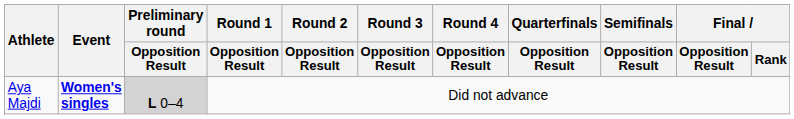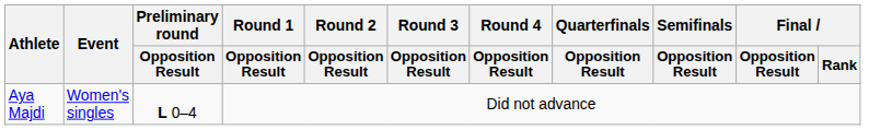 <table class="wikitable" style="font-size:90%">
 <tr>
 <th rowspan=2>Athlete</th>
 <th rowspan=2>Event</th>
 <th>Preliminary round</th>
 <th scope="col">Round 1</th>
 <th scope="col">Round 2</th>
 <th scope="col">Round 3</th>
 <th scope="col">Round 4</th>
 <th scope="col">Quarterfinals</th>
 <th scope="col">Semifinals</th>
 <th colspan=2>Final / </th>
 </tr>
 <tr style="font-size:95%">
 <th>Opposition<br>Result</th>
 <th>Opposition<br>Result</th>
 <th>Opposition<br>Result</th>
 <th>Opposition<br>Result</th>
 <th>Opposition<br>Result</th>
 <th>Opposition<br>Result</th>
 <th>Opposition<br>Result</th>
 <th>Opposition<br>Result</th>
 <th>Rank</th>
 </tr>
 <tr align=center>
 <td align=left><a href='#'>Aya Majdi</a></td>
-<td align=left><strong><a href='#'>Women's singles</a></strong></td>
-<td style="background: lightgrey;"><br> <strong>L</strong> 0–4</td>
+<td align=left><a href='#'>Women's singles</a></td>
+<td><br> <strong>L</strong> 0–4</td>
 <td colspan=8>Did not advance</td>
 </tr>
 </table>
